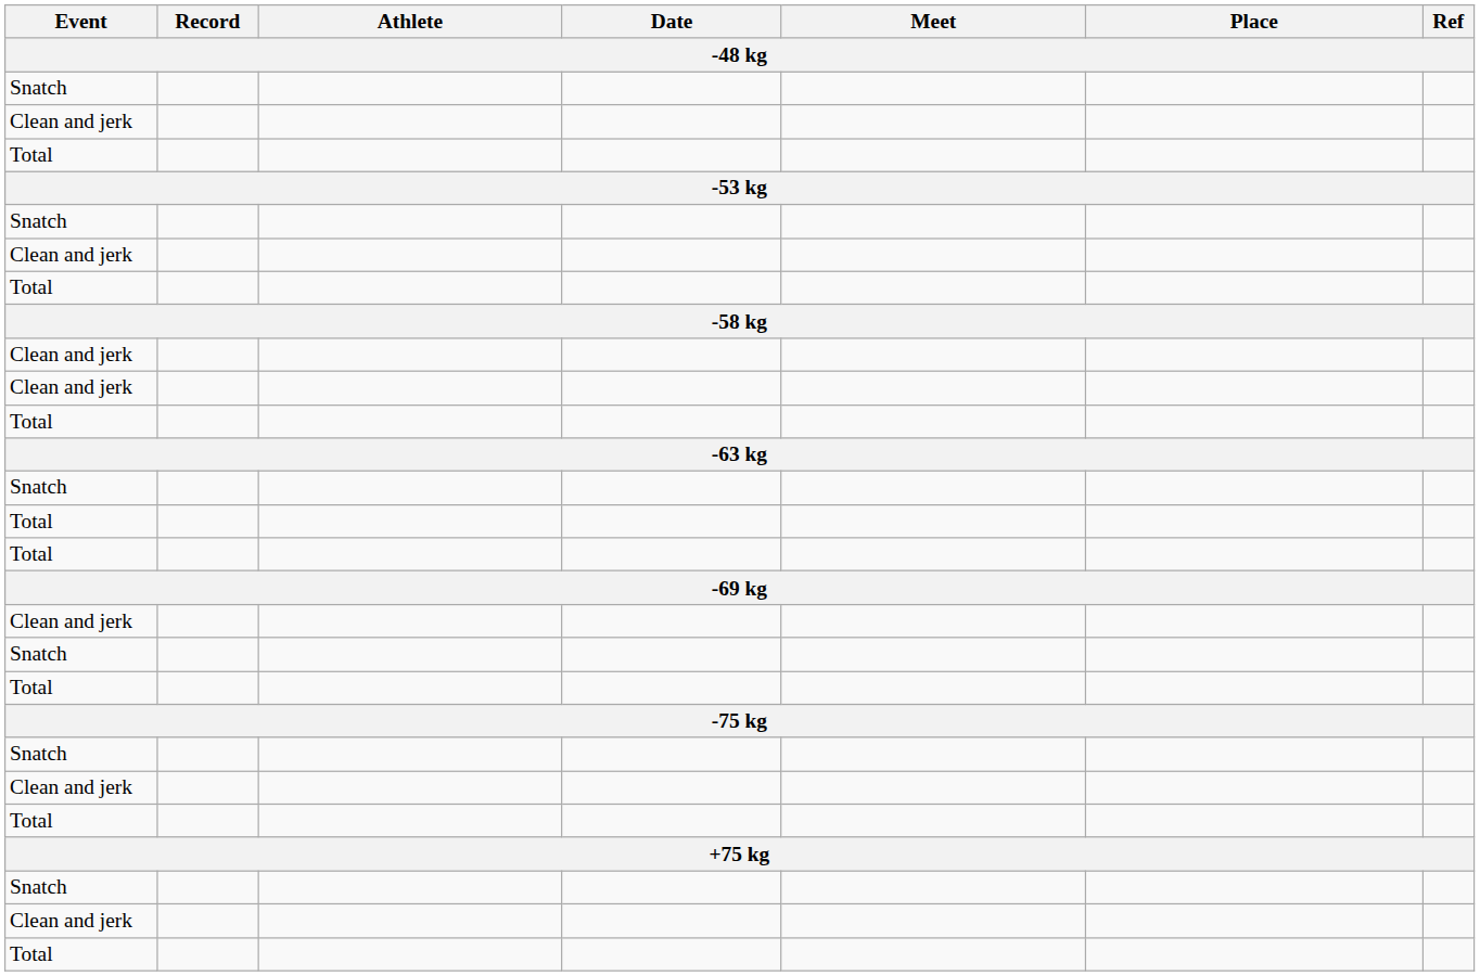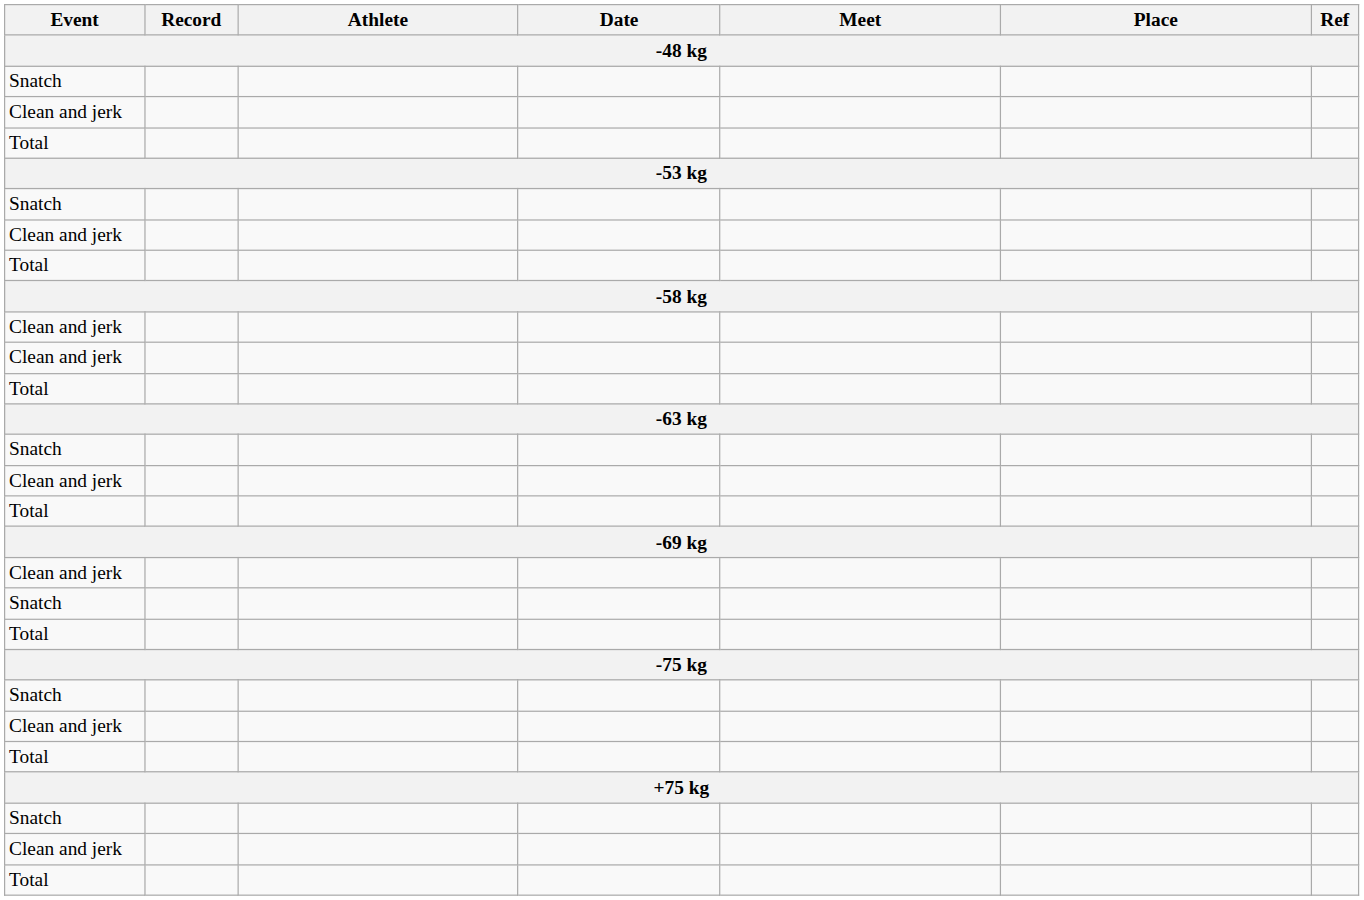 <table class="wikitable">
 <tr>
 <th width=9%>Event</th>
 <th width=6%>Record</th>
 <th width=18%>Athlete</th>
 <th width=13%>Date</th>
 <th width=18%>Meet</th>
 <th width=20%>Place</th>
 <th width=3%>Ref</th>
 </tr>
 <tr bgcolor="#DDDDDD">
 <th colspan="8">-48 kg</th>
 </tr>
 <tr>
 <td>Snatch</td>
 <td align="center"></td>
 <td></td>
 <td></td>
 <td></td>
 <td></td>
 <td></td>
 </tr>
 <tr>
 <td>Clean and jerk</td>
 <td align="center"></td>
 <td></td>
 <td></td>
 <td></td>
 <td></td>
 <td></td>
 </tr>
 <tr>
 <td>Total</td>
 <td align="center"></td>
 <td></td>
 <td></td>
 <td></td>
 <td></td>
 <td></td>
 </tr>
 <tr bgcolor="#DDDDDD">
 <th colspan="8">-53 kg</th>
 </tr>
 <tr>
 <td>Snatch</td>
 <td></td>
 <td></td>
 <td></td>
 <td></td>
 <td></td>
 <td></td>
 </tr>
 <tr>
 <td>Clean and jerk</td>
 <td align="center"></td>
 <td></td>
 <td></td>
 <td></td>
 <td></td>
 <td></td>
 </tr>
 <tr>
 <td>Total</td>
 <td></td>
 <td></td>
 <td></td>
 <td></td>
 <td></td>
 <td></td>
 </tr>
 <tr bgcolor="#DDDDDD">
 <th colspan="8">-58 kg</th>
 </tr>
 <tr>
 <td>Clean and jerk</td>
 <td align="center"></td>
 <td></td>
 <td></td>
 <td></td>
 <td></td>
 <td></td>
 </tr>
 <tr>
 <td>Clean and jerk</td>
 <td align="center"></td>
 <td></td>
 <td></td>
 <td></td>
 <td></td>
 <td></td>
 </tr>
 <tr>
 <td>Total</td>
 <td align="center"></td>
 <td></td>
 <td></td>
 <td></td>
 <td></td>
 <td></td>
 </tr>
 <tr bgcolor="#DDDDDD">
 <th colspan="8">-63 kg</th>
 </tr>
 <tr>
 <td>Snatch</td>
 <td></td>
 <td></td>
 <td></td>
 <td></td>
 <td></td>
 <td></td>
 </tr>
 <tr>
-<td>Total</td>
+<td>Clean and jerk</td>
 <td></td>
 <td></td>
 <td></td>
 <td></td>
 <td></td>
 <td></td>
 </tr>
 <tr>
 <td>Total</td>
 <td></td>
 <td></td>
 <td></td>
 <td></td>
 <td></td>
 <td></td>
 </tr>
 <tr bgcolor="#DDDDDD">
 <th colspan="8">-69 kg</th>
 </tr>
 <tr>
 <td>Clean and jerk</td>
 <td></td>
 <td></td>
 <td></td>
 <td></td>
 <td></td>
 <td></td>
 </tr>
 <tr>
 <td>Snatch</td>
 <td></td>
 <td></td>
 <td></td>
 <td></td>
 <td></td>
 <td></td>
 </tr>
 <tr>
 <td>Total</td>
 <td></td>
 <td></td>
 <td></td>
 <td></td>
 <td></td>
 <td></td>
 </tr>
 <tr bgcolor="#DDDDDD">
 <th colspan="8">-75 kg</th>
 </tr>
 <tr>
 <td>Snatch</td>
 <td></td>
 <td></td>
 <td></td>
 <td></td>
 <td></td>
 <td></td>
 </tr>
 <tr>
 <td>Clean and jerk</td>
 <td></td>
 <td></td>
 <td></td>
 <td></td>
 <td></td>
 <td></td>
 </tr>
 <tr>
 <td>Total</td>
 <td></td>
 <td></td>
 <td></td>
 <td></td>
 <td></td>
 <td></td>
 </tr>
 <tr bgcolor="#DDDDDD">
 <th colspan="8">+75 kg</th>
 </tr>
 <tr>
 <td>Snatch</td>
 <td align="center"></td>
 <td></td>
 <td></td>
 <td></td>
 <td></td>
 <td></td>
 </tr>
 <tr>
 <td>Clean and jerk</td>
 <td align="center"></td>
 <td></td>
 <td></td>
 <td></td>
 <td></td>
 <td></td>
 </tr>
 <tr>
 <td>Total</td>
 <td align="center"></td>
 <td></td>
 <td></td>
 <td></td>
 <td></td>
 <td></td>
 </tr>
 </table>
